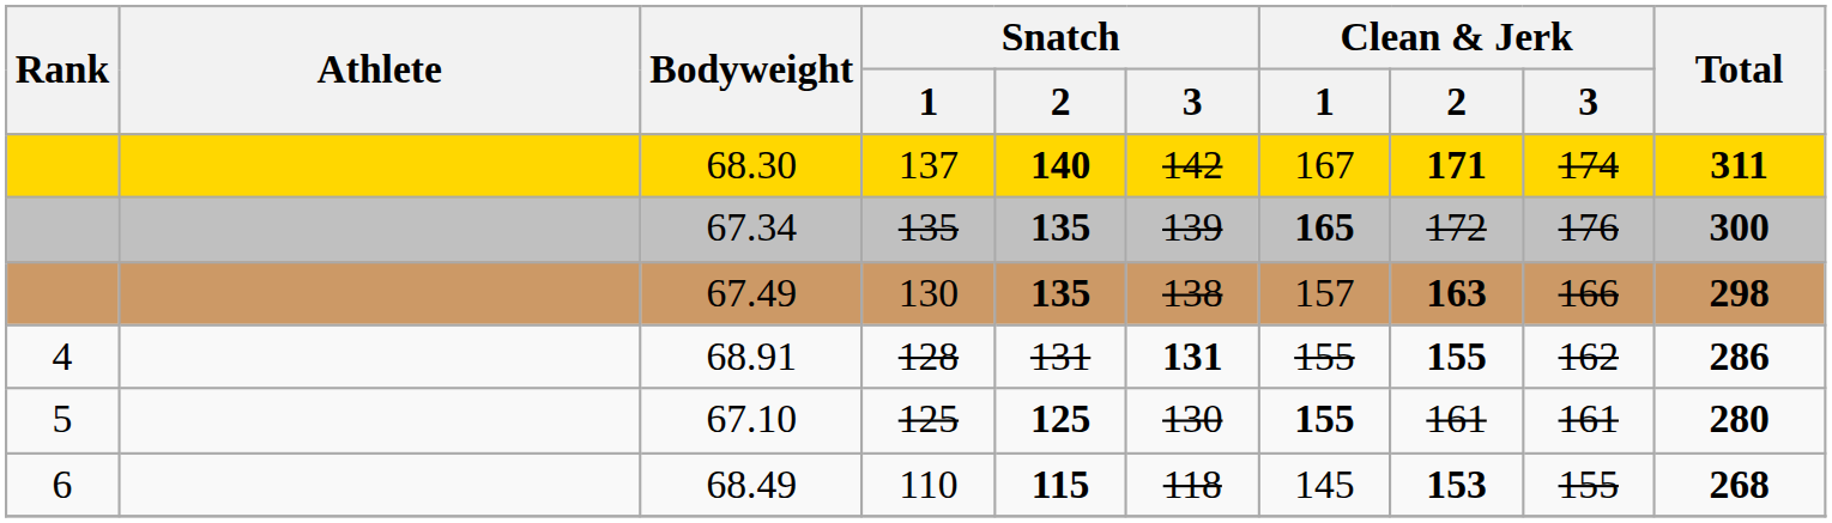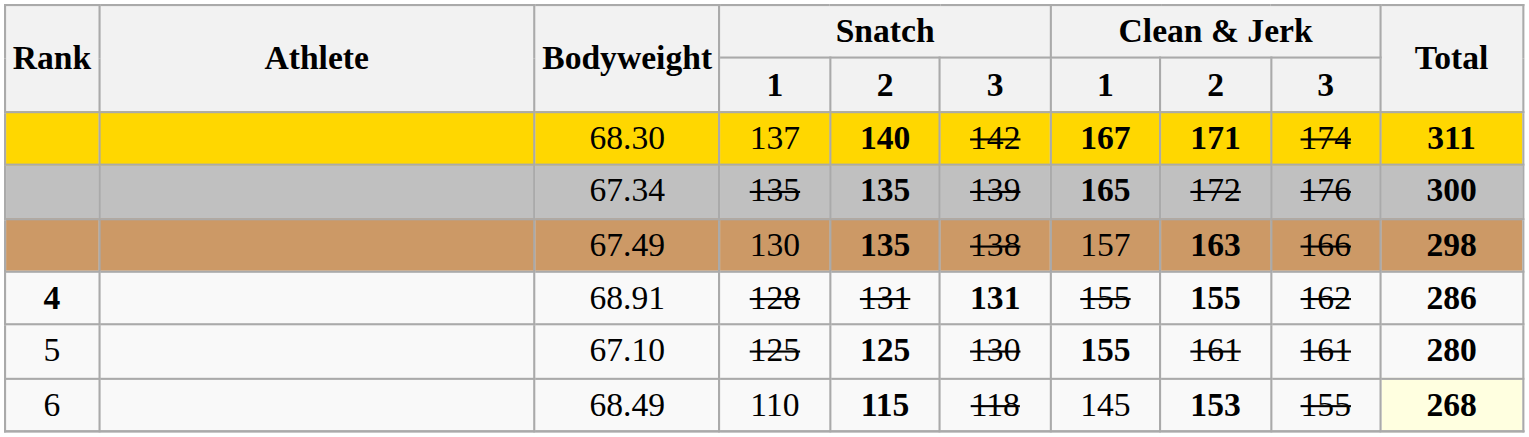 <table class="wikitable" style="text-align:center">
 <tr>
 <th rowspan=2>Rank</th>
 <th width=200 rowspan=2>Athlete</th>
 <th width=80 rowspan=2>Bodyweight</th>
 <th width=150 colspan=3>Snatch</th>
 <th width=150 colspan=3>Clean & Jerk</th>
 <th width=60 rowspan=2>Total</th>
 </tr>
 <tr>
 <th>1</th>
 <th>2</th>
 <th>3</th>
 <th>1</th>
 <th>2</th>
 <th>3</th>
 </tr>
 <tr bgcolor=gold>
 <td></td>
 <td align=left></td>
 <td>68.30</td>
 <td>137</td>
 <td><strong>140</strong></td>
 <td><s>142</s></td>
-<td>167</td>
+<td><strong>167</strong></td>
 <td><strong>171</strong></td>
 <td><s>174</s></td>
 <td><strong>311</strong></td>
 </tr>
 <tr bgcolor=silver>
 <td></td>
 <td align=left></td>
 <td>67.34</td>
 <td><s>135</s></td>
 <td><strong>135</strong></td>
 <td><s>139</s></td>
 <td><strong>165</strong></td>
 <td><s>172</s></td>
 <td><s>176</s></td>
 <td><strong>300</strong></td>
 </tr>
 <tr bgcolor=cc9966>
 <td></td>
 <td align=left></td>
 <td>67.49</td>
 <td>130</td>
 <td><strong>135</strong></td>
 <td><s>138</s></td>
 <td>157</td>
 <td><strong>163</strong></td>
 <td><s>166</s></td>
 <td><strong>298</strong></td>
 </tr>
 <tr>
-<td>4</td>
+<td><strong>4</strong></td>
 <td align=left></td>
 <td>68.91</td>
 <td><s>128</s></td>
 <td><s>131</s></td>
 <td><strong>131</strong></td>
 <td><s>155</s></td>
 <td><strong>155</strong></td>
 <td><s>162</s></td>
 <td><strong>286</strong></td>
 </tr>
 <tr>
 <td>5</td>
 <td align=left></td>
 <td>67.10</td>
 <td><s>125</s></td>
 <td><strong>125</strong></td>
 <td><s>130</s></td>
 <td><strong>155</strong></td>
 <td><s>161</s></td>
 <td><s>161</s></td>
 <td><strong>280</strong></td>
 </tr>
 <tr>
 <td>6</td>
 <td align=left></td>
 <td>68.49</td>
 <td>110</td>
 <td><strong>115</strong></td>
 <td><s>118</s></td>
 <td>145</td>
 <td><strong>153</strong></td>
 <td><s>155</s></td>
-<td><strong>268</strong></td>
+<td style="background: lightyellow;"><strong>268</strong></td>
 </tr>
 <tr>
 </tr>
 </table>
